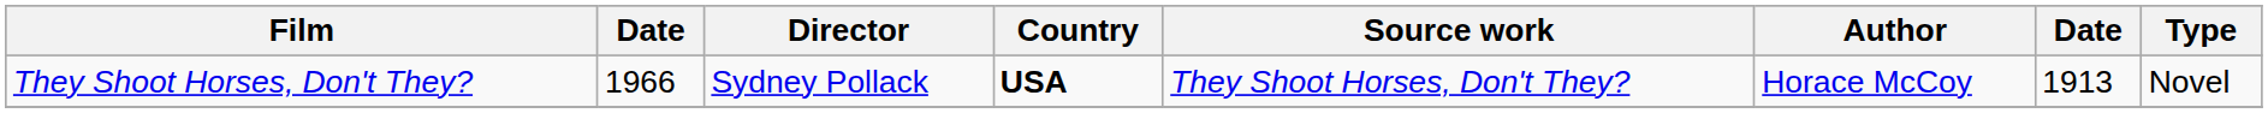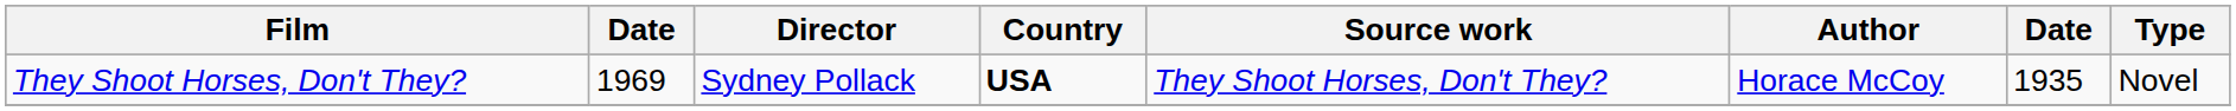 <table class="wikitable" style=width:90%>
 <tr style="background:#CCCCCC;">
 <th>Film</th>
 <th>Date</th>
 <th>Director</th>
 <th>Country</th>
 <th>Source work</th>
 <th>Author</th>
 <th>Date</th>
 <th>Type</th>
 </tr>
 <tr>
 <td><em><a href='#'>They Shoot Horses, Don't They?</a></em></td>
-<td>1966</td>
+<td>1969</td>
 <td><a href='#'>Sydney Pollack</a></td>
 <td><strong>USA</strong></td>
 <td><em><a href='#'>They Shoot Horses, Don't They?</a></em></td>
 <td><a href='#'>Horace McCoy</a></td>
-<td>1913</td>
+<td>1935</td>
 <td>Novel</td>
 </tr>
 <tr>
 </tr>
 </table>
